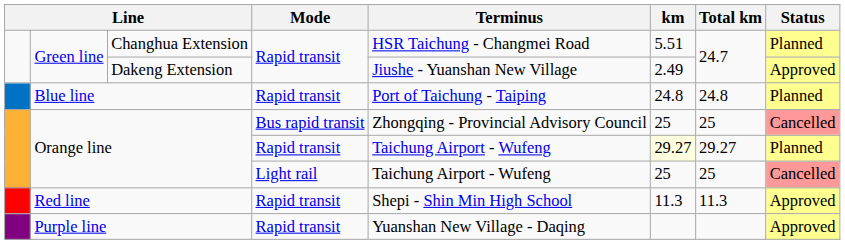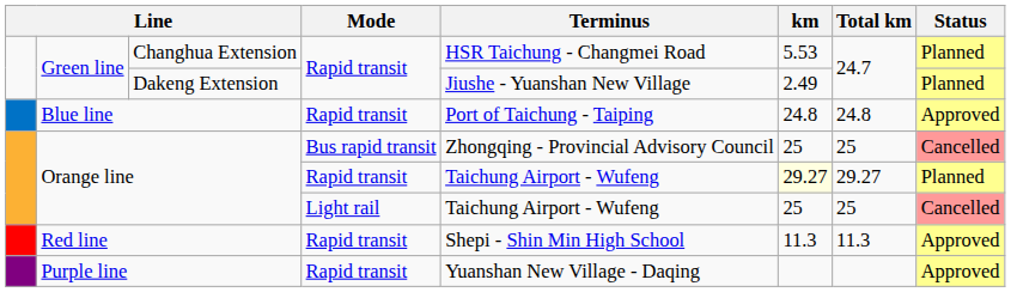 <table class="wikitable">
 <tr>
 <th colspan="3">Line</th>
 <th>Mode</th>
 <th>Terminus</th>
 <th>km</th>
 <th>Total km</th>
 <th>Status</th>
 </tr>
 <tr>
 <td rowspan="2" width="18" style="background-color:#"></td>
 <td rowspan="2"> <a href='#'>Green line</a></td>
 <td>Changhua Extension</td>
 <td rowspan="2"><a href='#'>Rapid transit</a></td>
 <td><a href='#'>HSR Taichung</a> - Changmei Road</td>
-<td align="left">5.51</td>
+<td align="left">5.53</td>
 <td rowspan="2">24.7</td>
 <td bgcolor="#ffff90">Planned</td>
 </tr>
 <tr>
 <td>Dakeng Extension</td>
 <td><a href='#'>Jiushe</a> - Yuanshan New Village</td>
 <td align="left">2.49</td>
-<td bgcolor="#ffff90">Approved</td>
+<td bgcolor="#ffff90">Planned</td>
 </tr>
 <tr>
 <td rowspan="1" width="18" style="background-color:#0072c6"></td>
 <td colspan="2" rowspan="1"> <a href='#'>Blue line</a></td>
 <td><a href='#'>Rapid transit</a></td>
 <td><a href='#'>Port of Taichung</a> - <a href='#'>Taiping</a></td>
 <td>24.8</td>
 <td>24.8</td>
-<td bgcolor="#ffff90">Planned</td>
+<td bgcolor="#ffff90">Approved</td>
 </tr>
 <tr>
 <td rowspan="3" width="18" style="background-color:#fcb134"></td>
 <td colspan="2" rowspan="3"> Orange line</td>
 <td><a href='#'>Bus rapid transit</a></td>
 <td>Zhongqing - Provincial Advisory Council</td>
 <td>25</td>
 <td>25</td>
 <td bgcolor="#F99">Cancelled</td>
 </tr>
 <tr>
 <td><a href='#'>Rapid transit</a></td>
 <td><a href='#'>Taichung Airport</a> - <a href='#'>Wufeng</a></td>
 <td style="background: lightyellow;">29.27</td>
 <td>29.27</td>
 <td bgcolor="#ffff90">Planned</td>
 </tr>
 <tr>
 <td><a href='#'>Light rail</a></td>
 <td>Taichung Airport - Wufeng</td>
 <td>25</td>
 <td>25</td>
 <td bgcolor="#F99">Cancelled</td>
 </tr>
 <tr>
 <td rowspan="1" width="18" style="background-color:red"></td>
 <td colspan="2" rowspan="1"> <a href='#'>Red line</a></td>
 <td><a href='#'>Rapid transit</a></td>
 <td>Shepi - <a href='#'>Shin Min High School</a></td>
 <td>11.3</td>
 <td>11.3</td>
 <td bgcolor="#ffff90">Approved</td>
 </tr>
 <tr>
 <td rowspan="1" width="18" style="background-color:#800080"></td>
 <td colspan="2" rowspan="1"> <a href='#'>Purple line</a></td>
 <td><a href='#'>Rapid transit</a></td>
 <td>Yuanshan New Village - Daqing</td>
 <td></td>
 <td></td>
 <td bgcolor="#ffff90">Approved</td>
 </tr>
 </table>
